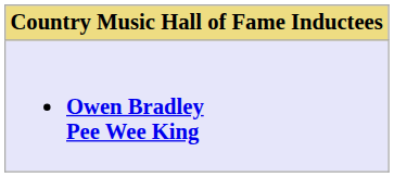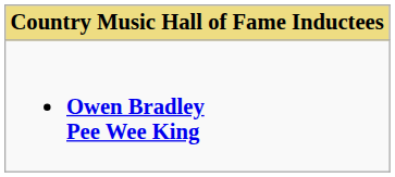 <table class="wikitable">
 <tr>
 <th style="background:#EEDD82; width=50%">Country Music Hall of Fame Inductees</th>
 </tr>
 <tr>
-<td valign="top" style="background: lavender;"><br><ul><li><strong><a href='#'>Owen Bradley</a></strong><br><strong><a href='#'>Pee Wee King</a></strong></li></ul></td>
+<td valign="top"><br><ul><li><strong><a href='#'>Owen Bradley</a></strong><br><strong><a href='#'>Pee Wee King</a></strong></li></ul></td>
 </tr>
 </table>
